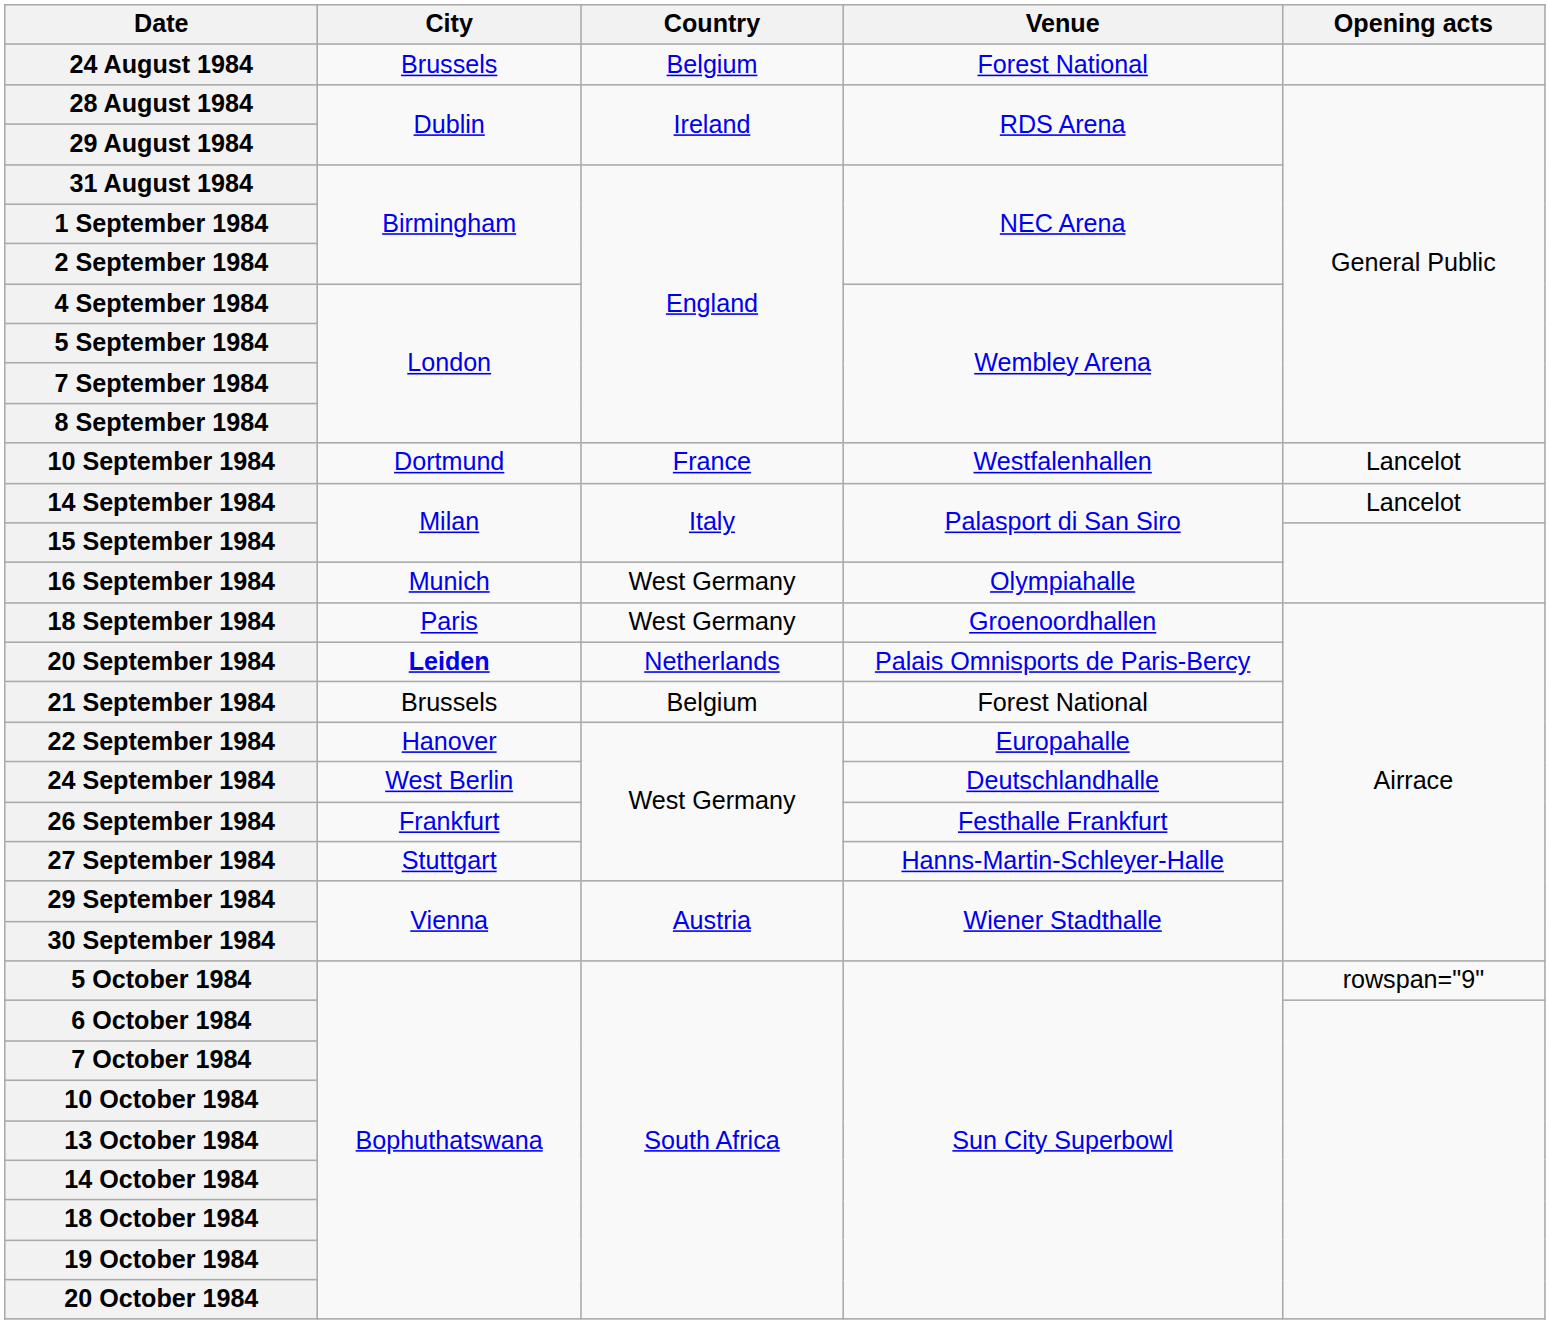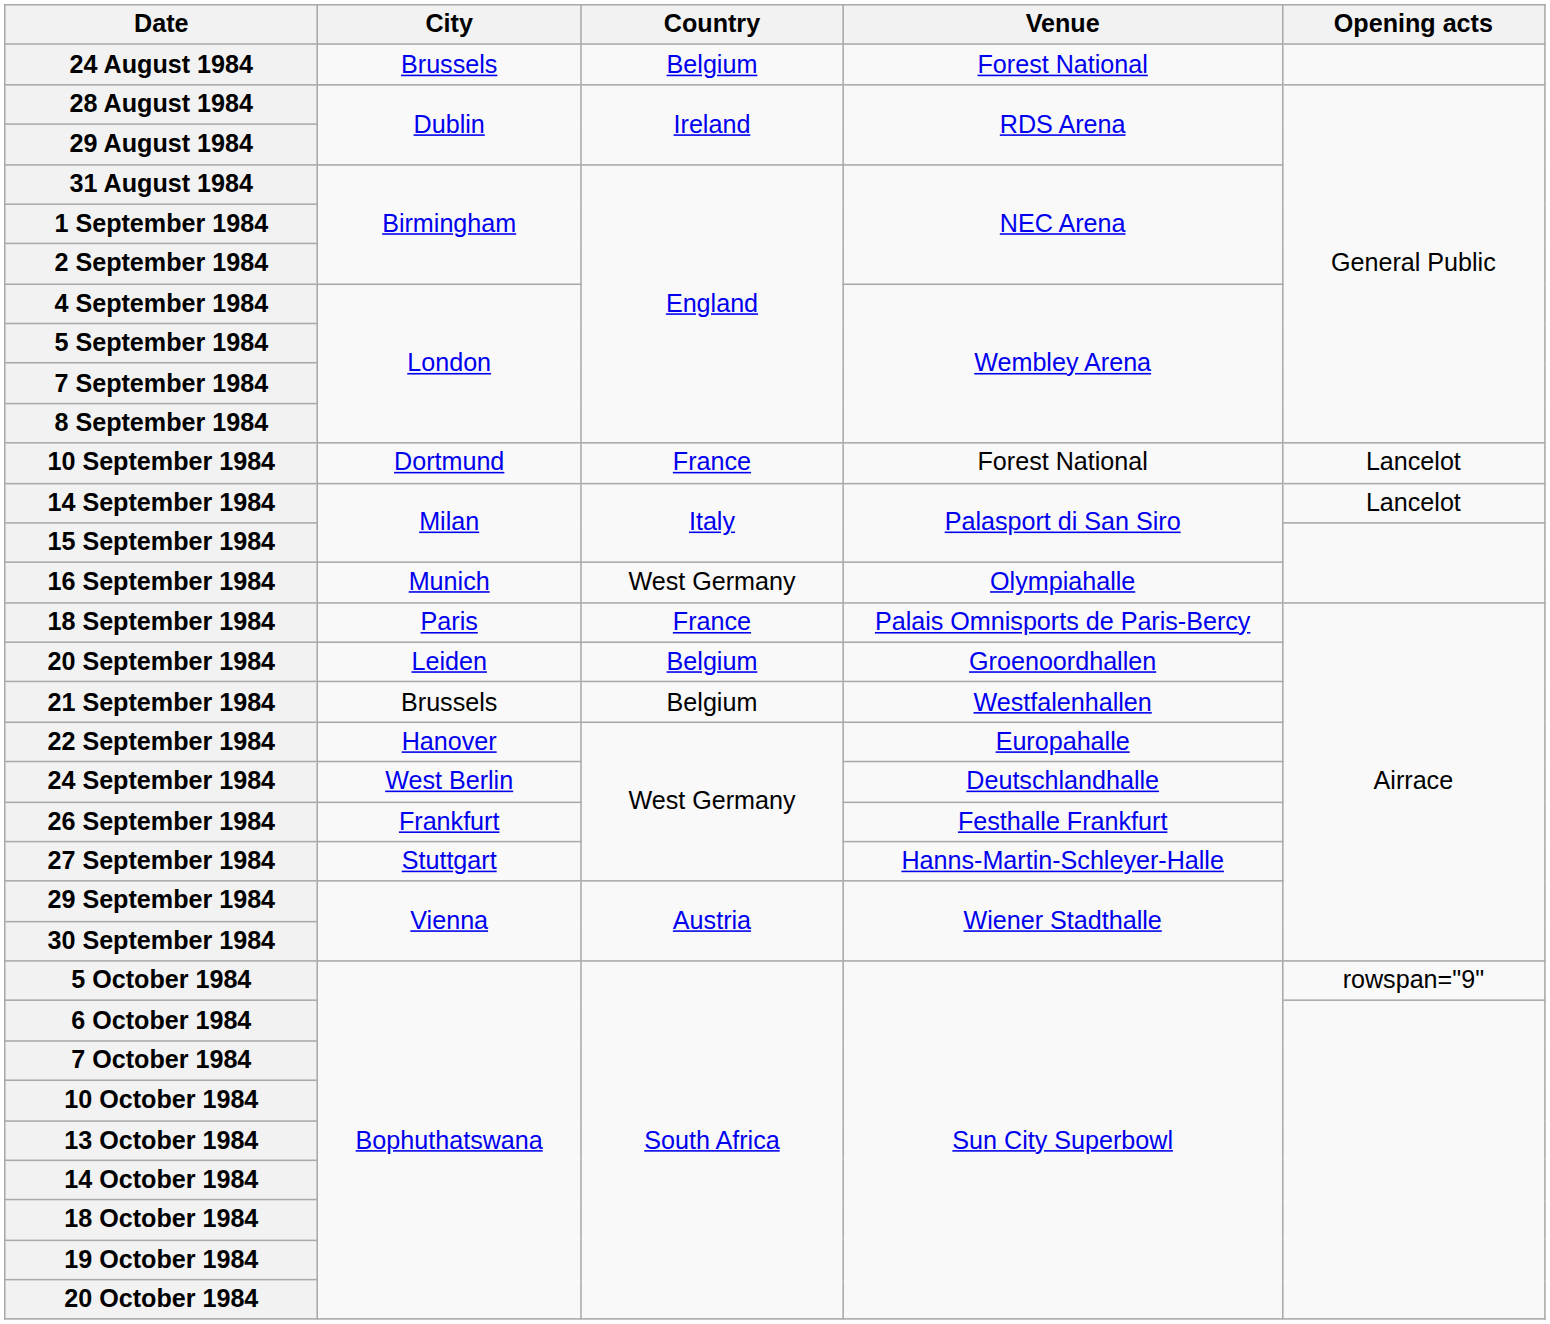 <table class="wikitable plainrowheaders" style="text-align:center;">
 <tr>
 <th scope="col" style="width:12em;">Date</th>
 <th scope="col" style="width:10em;">City</th>
 <th scope="col" style="width:10em;">Country</th>
 <th scope="col" style="width:17em;">Venue</th>
 <th scope="col" style="width:10em;">Opening acts</th>
 </tr>
 <tr>
 <th scope="row">24 August 1984</th>
 <td><a href='#'>Brussels</a></td>
 <td><a href='#'>Belgium</a></td>
 <td><a href='#'>Forest National</a></td>
 <td></td>
 </tr>
 <tr>
 <th scope="row">28 August 1984</th>
 <td rowspan="2"><a href='#'>Dublin</a></td>
 <td rowspan="2"><a href='#'>Ireland</a></td>
 <td rowspan="2"><a href='#'>RDS Arena</a></td>
 <td rowspan="9">General Public</td>
 </tr>
 <tr>
 <th scope="row">29 August 1984</th>
 </tr>
 <tr>
 <th scope="row">31 August 1984</th>
 <td rowspan="3"><a href='#'>Birmingham</a></td>
 <td rowspan="7"><a href='#'>England</a></td>
 <td rowspan="3"><a href='#'>NEC Arena</a></td>
 </tr>
 <tr>
 <th scope="row">1 September 1984</th>
 </tr>
 <tr>
 <th scope="row">2 September 1984</th>
 </tr>
 <tr>
 <th scope="row">4 September 1984</th>
 <td rowspan="4"><a href='#'>London</a></td>
 <td rowspan="4"><a href='#'>Wembley Arena</a></td>
 </tr>
 <tr>
 <th scope="row">5 September 1984</th>
 </tr>
 <tr>
 <th scope="row">7 September 1984</th>
 </tr>
 <tr>
 <th scope="row">8 September 1984</th>
 </tr>
 <tr>
 <th scope="row">10 September 1984</th>
 <td><a href='#'>Dortmund</a></td>
 <td><a href='#'>France</a></td>
-<td><a href='#'>Westfalenhallen</a></td>
+<td>Forest National</td>
 <td>Lancelot</td>
 </tr>
 <tr>
 <th scope="row">14 September 1984</th>
 <td rowspan="2"><a href='#'>Milan</a></td>
 <td rowspan="2"><a href='#'>Italy</a></td>
 <td rowspan="2"><a href='#'>Palasport di San Siro</a></td>
 <td>Lancelot</td>
 </tr>
 <tr>
 <th scope="row">15 September 1984</th>
 </tr>
 <tr>
 <th scope="row">16 September 1984</th>
 <td><a href='#'>Munich</a></td>
 <td>West Germany</td>
 <td><a href='#'>Olympiahalle</a></td>
 </tr>
 <tr>
 <th scope="row">18 September 1984</th>
 <td><a href='#'>Paris</a></td>
-<td>West Germany</td>
-<td><a href='#'>Groenoordhallen</a></td>
+<td><a href='#'>France</a></td>
+<td><a href='#'>Palais Omnisports de Paris-Bercy</a></td>
 <td rowspan="9">Airrace</td>
 </tr>
 <tr>
 <th scope="row">20 September 1984</th>
-<td><strong><a href='#'>Leiden</a></strong></td>
-<td><a href='#'>Netherlands</a></td>
-<td><a href='#'>Palais Omnisports de Paris-Bercy</a></td>
+<td><a href='#'>Leiden</a></td>
+<td><a href='#'>Belgium</a></td>
+<td><a href='#'>Groenoordhallen</a></td>
 </tr>
 <tr>
 <th scope="row">21 September 1984</th>
 <td>Brussels</td>
 <td>Belgium</td>
-<td>Forest National</td>
+<td><a href='#'>Westfalenhallen</a></td>
 </tr>
 <tr>
 <th scope="row">22 September 1984</th>
 <td><a href='#'>Hanover</a></td>
 <td rowspan="4">West Germany</td>
 <td><a href='#'>Europahalle</a></td>
 </tr>
 <tr>
 <th scope="row">24 September 1984</th>
 <td><a href='#'>West Berlin</a></td>
 <td><a href='#'>Deutschlandhalle</a></td>
 </tr>
 <tr>
 <th scope="row">26 September 1984</th>
 <td><a href='#'>Frankfurt</a></td>
 <td><a href='#'>Festhalle Frankfurt</a></td>
 </tr>
 <tr>
 <th scope="row">27 September 1984</th>
 <td><a href='#'>Stuttgart</a></td>
 <td><a href='#'>Hanns-Martin-Schleyer-Halle</a></td>
 </tr>
 <tr>
 <th scope="row">29 September 1984</th>
 <td rowspan="2"><a href='#'>Vienna</a></td>
 <td rowspan="2"><a href='#'>Austria</a></td>
 <td rowspan="2"><a href='#'>Wiener Stadthalle</a></td>
 </tr>
 <tr>
 <th scope="row">30 September 1984</th>
 </tr>
 <tr>
 <th scope="row">5 October 1984</th>
 <td rowspan="9"><a href='#'>Bophuthatswana</a></td>
 <td rowspan="9"><a href='#'>South Africa</a></td>
 <td rowspan="9"><a href='#'>Sun City Superbowl</a></td>
 <td>rowspan="9" </td>
 </tr>
 <tr>
 <th scope="row">6 October 1984</th>
 </tr>
 <tr>
 <th scope="row">7 October 1984</th>
 </tr>
 <tr>
 <th scope="row">10 October 1984</th>
 </tr>
 <tr>
 <th scope="row">13 October 1984</th>
 </tr>
 <tr>
 <th scope="row">14 October 1984</th>
 </tr>
 <tr>
 <th scope="row">18 October 1984</th>
 </tr>
 <tr>
 <th scope="row">19 October 1984</th>
 </tr>
 <tr>
 <th scope="row">20 October 1984</th>
 </tr>
 </table>
